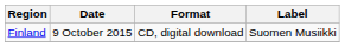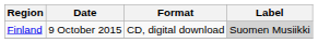 <table class=wikitable>
 <tr>
 <th>Region</th>
 <th>Date</th>
 <th>Format</th>
 <th>Label</th>
 </tr>
 <tr>
 <td><a href='#'>Finland</a></td>
 <td>9 October 2015</td>
 <td>CD, digital download</td>
-<td>Suomen Musiikki</td>
+<td style="background: lightgrey;">Suomen Musiikki</td>
 </tr>
 <tr>
 </tr>
 </table>
